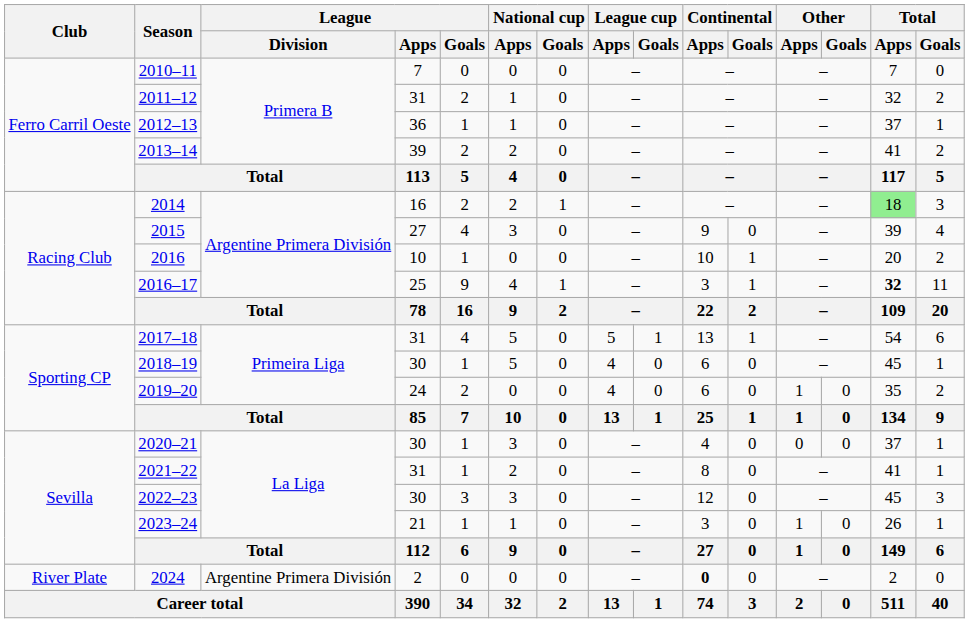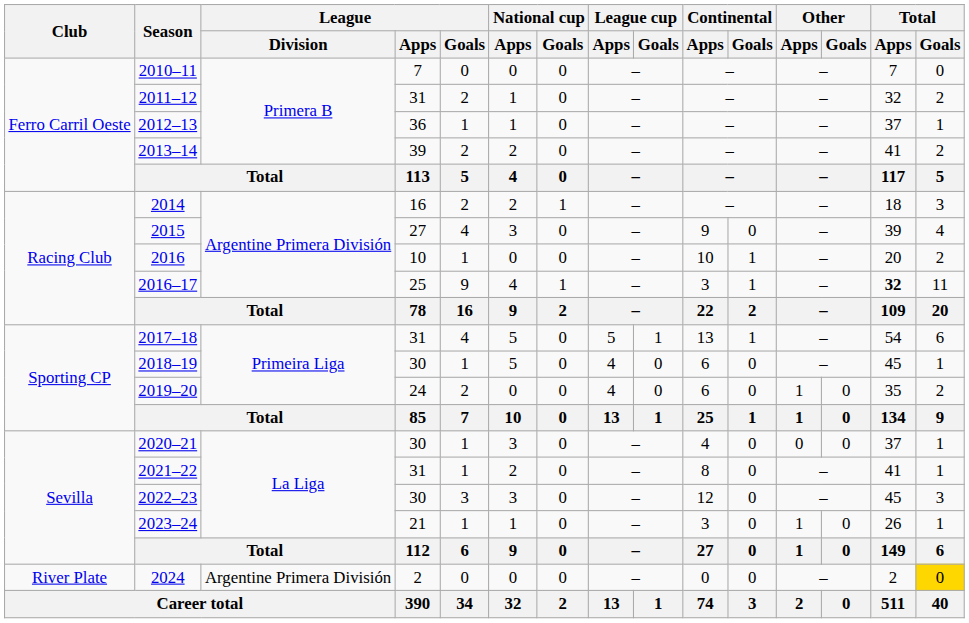 <table class="wikitable" style="text-align: center">
 <tr>
 <th rowspan="2">Club</th>
 <th rowspan="2">Season</th>
 <th colspan="3">League</th>
 <th colspan="2">National cup</th>
 <th colspan="2">League cup</th>
 <th colspan="2">Continental</th>
 <th colspan="2">Other</th>
 <th colspan="2">Total</th>
 </tr>
 <tr>
 <th>Division</th>
 <th>Apps</th>
 <th>Goals</th>
 <th>Apps</th>
 <th>Goals</th>
 <th>Apps</th>
 <th>Goals</th>
 <th>Apps</th>
 <th>Goals</th>
 <th>Apps</th>
 <th>Goals</th>
 <th>Apps</th>
 <th>Goals</th>
 </tr>
 <tr>
 <td rowspan="5"><a href='#'>Ferro Carril Oeste</a></td>
 <td><a href='#'>2010–11</a></td>
 <td rowspan="4"><a href='#'>Primera B</a></td>
 <td>7</td>
 <td>0</td>
 <td>0</td>
 <td>0</td>
 <td colspan="2">–</td>
 <td colspan="2">–</td>
 <td colspan="2">–</td>
 <td>7</td>
 <td>0</td>
 </tr>
 <tr>
 <td><a href='#'>2011–12</a></td>
 <td>31</td>
 <td>2</td>
 <td>1</td>
 <td>0</td>
 <td colspan="2">–</td>
 <td colspan="2">–</td>
 <td colspan="2">–</td>
 <td>32</td>
 <td>2</td>
 </tr>
 <tr>
 <td><a href='#'>2012–13</a></td>
 <td>36</td>
 <td>1</td>
 <td>1</td>
 <td>0</td>
 <td colspan="2">–</td>
 <td colspan="2">–</td>
 <td colspan="2">–</td>
 <td>37</td>
 <td>1</td>
 </tr>
 <tr>
 <td><a href='#'>2013–14</a></td>
 <td>39</td>
 <td>2</td>
 <td>2</td>
 <td>0</td>
 <td colspan="2">–</td>
 <td colspan="2">–</td>
 <td colspan="2">–</td>
 <td>41</td>
 <td>2</td>
 </tr>
 <tr>
 <th colspan="2">Total</th>
 <th>113</th>
 <th>5</th>
 <th>4</th>
 <th>0</th>
 <th colspan="2">–</th>
 <th colspan="2">–</th>
 <th colspan="2">–</th>
 <th>117</th>
 <th>5</th>
 </tr>
 <tr>
 <td rowspan="5"><a href='#'>Racing Club</a></td>
 <td><a href='#'>2014</a></td>
 <td rowspan="4"><a href='#'>Argentine Primera División</a></td>
 <td>16</td>
 <td>2</td>
 <td>2</td>
 <td>1</td>
 <td colspan="2">–</td>
 <td colspan="2">–</td>
 <td colspan="2">–</td>
-<td style="background: lightgreen;">18</td>
+<td>18</td>
 <td>3</td>
 </tr>
 <tr>
 <td><a href='#'>2015</a></td>
 <td>27</td>
 <td>4</td>
 <td>3</td>
 <td>0</td>
 <td colspan="2">–</td>
 <td>9</td>
 <td>0</td>
 <td colspan="2">–</td>
 <td>39</td>
 <td>4</td>
 </tr>
 <tr>
 <td><a href='#'>2016</a></td>
 <td>10</td>
 <td>1</td>
 <td>0</td>
 <td>0</td>
 <td colspan="2">–</td>
 <td>10</td>
 <td>1</td>
 <td colspan="2">–</td>
 <td>20</td>
 <td>2</td>
 </tr>
 <tr>
 <td><a href='#'>2016–17</a></td>
 <td>25</td>
 <td>9</td>
 <td>4</td>
 <td>1</td>
 <td colspan="2">–</td>
 <td>3</td>
 <td>1</td>
 <td colspan="2">–</td>
 <td><strong>32</strong></td>
 <td>11</td>
 </tr>
 <tr>
 <th colspan="2">Total</th>
 <th>78</th>
 <th>16</th>
 <th>9</th>
 <th>2</th>
 <th colspan="2">–</th>
 <th>22</th>
 <th>2</th>
 <th colspan="2">–</th>
 <th>109</th>
 <th>20</th>
 </tr>
 <tr>
 <td rowspan="4"><a href='#'>Sporting CP</a></td>
 <td><a href='#'>2017–18</a></td>
 <td rowspan="3"><a href='#'>Primeira Liga</a></td>
 <td>31</td>
 <td>4</td>
 <td>5</td>
 <td>0</td>
 <td>5</td>
 <td>1</td>
 <td>13</td>
 <td>1</td>
 <td colspan="2">–</td>
 <td>54</td>
 <td>6</td>
 </tr>
 <tr>
 <td><a href='#'>2018–19</a></td>
 <td>30</td>
 <td>1</td>
 <td>5</td>
 <td>0</td>
 <td>4</td>
 <td>0</td>
 <td>6</td>
 <td>0</td>
 <td colspan="2">–</td>
 <td>45</td>
 <td>1</td>
 </tr>
 <tr>
 <td><a href='#'>2019–20</a></td>
 <td>24</td>
 <td>2</td>
 <td>0</td>
 <td>0</td>
 <td>4</td>
 <td>0</td>
 <td>6</td>
 <td>0</td>
 <td>1</td>
 <td>0</td>
 <td>35</td>
 <td>2</td>
 </tr>
 <tr>
 <th colspan="2">Total</th>
 <th>85</th>
 <th>7</th>
 <th>10</th>
 <th>0</th>
 <th>13</th>
 <th>1</th>
 <th>25</th>
 <th>1</th>
 <th>1</th>
 <th>0</th>
 <th>134</th>
 <th>9</th>
 </tr>
 <tr>
 <td rowspan="5"><a href='#'>Sevilla</a></td>
 <td><a href='#'>2020–21</a></td>
 <td rowspan="4"><a href='#'>La Liga</a></td>
 <td>30</td>
 <td>1</td>
 <td>3</td>
 <td>0</td>
 <td colspan="2">–</td>
 <td>4</td>
 <td>0</td>
 <td>0</td>
 <td>0</td>
 <td>37</td>
 <td>1</td>
 </tr>
 <tr>
 <td><a href='#'>2021–22</a></td>
 <td>31</td>
 <td>1</td>
 <td>2</td>
 <td>0</td>
 <td colspan="2">–</td>
 <td>8</td>
 <td>0</td>
 <td colspan="2">–</td>
 <td>41</td>
 <td>1</td>
 </tr>
 <tr>
 <td><a href='#'>2022–23</a></td>
 <td>30</td>
 <td>3</td>
 <td>3</td>
 <td>0</td>
 <td colspan="2">–</td>
 <td>12</td>
 <td>0</td>
 <td colspan="2">–</td>
 <td>45</td>
 <td>3</td>
 </tr>
 <tr>
 <td><a href='#'>2023–24</a></td>
 <td>21</td>
 <td>1</td>
 <td>1</td>
 <td>0</td>
 <td colspan="2">–</td>
 <td>3</td>
 <td>0</td>
 <td>1</td>
 <td>0</td>
 <td>26</td>
 <td>1</td>
 </tr>
 <tr>
 <th colspan="2">Total</th>
 <th>112</th>
 <th>6</th>
 <th>9</th>
 <th>0</th>
 <th colspan="2">–</th>
 <th>27</th>
 <th>0</th>
 <th>1</th>
 <th>0</th>
 <th>149</th>
 <th>6</th>
 </tr>
 <tr>
 <td><a href='#'>River Plate</a></td>
 <td><a href='#'>2024</a></td>
 <td>Argentine Primera División</td>
 <td>2</td>
 <td>0</td>
 <td>0</td>
 <td>0</td>
 <td colspan="2">–</td>
-<td><strong>0</strong></td>
+<td>0</td>
 <td>0</td>
 <td colspan="2">–</td>
 <td>2</td>
-<td>0</td>
+<td style="background: gold;">0</td>
 </tr>
 <tr>
 <th colspan="3">Career total</th>
 <th>390</th>
 <th>34</th>
 <th>32</th>
 <th>2</th>
 <th>13</th>
 <th>1</th>
 <th>74</th>
 <th>3</th>
 <th>2</th>
 <th>0</th>
 <th>511</th>
 <th>40</th>
 </tr>
 </table>
